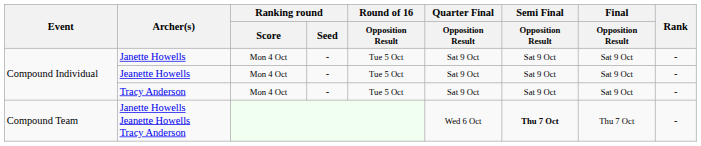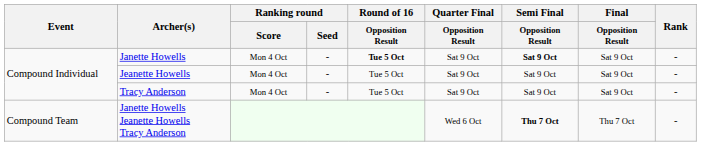 <table class=wikitable style="font-size:90%">
 <tr>
 <th rowspan="2" width=150>Event</th>
 <th rowspan="2" width=150>Archer(s)</th>
 <th colspan="2" width=150>Ranking round</th>
 <th width=100>Round of 16</th>
 <th width=100>Quarter Final</th>
 <th width=100>Semi Final</th>
 <th width=100>Final</th>
 <th rowspan="2" width=50>Rank</th>
 </tr>
 <tr>
 <th width=100>Score</th>
 <th width=50>Seed</th>
 <th style="line-height:1em"><small>Opposition<br>Result</small></th>
 <th style="line-height:1em"><small>Opposition<br>Result</small></th>
 <th style="line-height:1em"><small>Opposition<br>Result</small></th>
 <th style="line-height:1em"><small>Opposition<br>Result</small></th>
 </tr>
 <tr>
 <td rowspan=3>Compound Individual</td>
 <td><a href='#'>Janette Howells</a></td>
 <td align="center"><small>Mon 4 Oct</small></td>
 <td align="center">-</td>
-<td align="center"><small>Tue 5 Oct</small></td>
+<td align="center"><strong><small>Tue 5 Oct</small></strong></td>
 <td align="center"><small>Sat 9 Oct</small></td>
-<td align="center"><small>Sat 9 Oct</small></td>
+<td align="center"><strong><small>Sat 9 Oct</small></strong></td>
 <td align="center"><small>Sat 9 Oct</small></td>
 <td align="center">-</td>
 </tr>
 <tr>
 <td><a href='#'>Jeanette Howells</a></td>
 <td align="center"><small>Mon 4 Oct</small></td>
 <td align="center">-</td>
 <td align="center"><small>Tue 5 Oct</small></td>
 <td align="center"><small>Sat 9 Oct</small></td>
 <td align="center"><small>Sat 9 Oct</small></td>
 <td align="center"><small>Sat 9 Oct</small></td>
 <td align="center">-</td>
 </tr>
 <tr>
 <td><a href='#'>Tracy Anderson</a></td>
 <td align="center"><small>Mon 4 Oct</small></td>
 <td align="center">-</td>
 <td align="center"><small>Tue 5 Oct</small></td>
 <td align="center"><small>Sat 9 Oct</small></td>
 <td align="center"><small>Sat 9 Oct</small></td>
 <td align="center"><small>Sat 9 Oct</small></td>
 <td align="center">-</td>
 </tr>
 <tr>
 <td>Compound Team</td>
 <td><a href='#'>Janette Howells</a><br><a href='#'>Jeanette Howells</a><br><a href='#'>Tracy Anderson</a></td>
 <td colspan=3 bgcolor="honeydew"></td>
 <td align="center"><small>Wed 6 Oct</small></td>
 <td align="center"><strong><small>Thu 7 Oct</small></strong></td>
 <td align="center"><small>Thu 7 Oct</small></td>
 <td align="center">-</td>
 </tr>
 </table>
